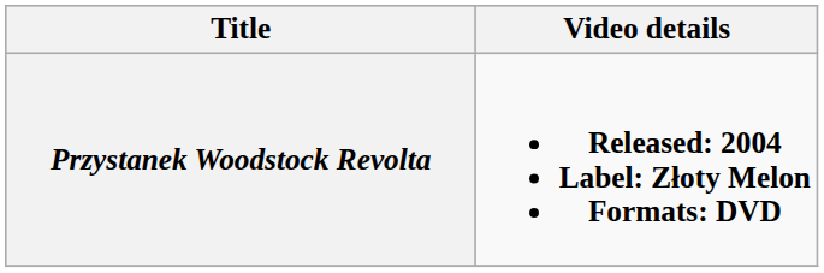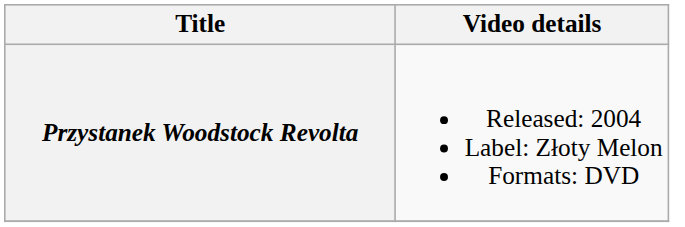 <table class="wikitable plainrowheaders" style="text-align:center;">
 <tr>
 <th scope="col" style="width:15em;">Title</th>
 <th scope="col">Video details</th>
 </tr>
 <tr>
 <th scope="row"><em>Przystanek Woodstock Revolta</em></th>
-<td><strong><br><ul><li>Released: 2004</li><li>Label: Złoty Melon</li><li>Formats: DVD</li></ul></strong></td>
+<td><br><ul><li>Released: 2004</li><li>Label: Złoty Melon</li><li>Formats: DVD</li></ul></td>
 </tr>
 <tr>
 </tr>
 </table>
